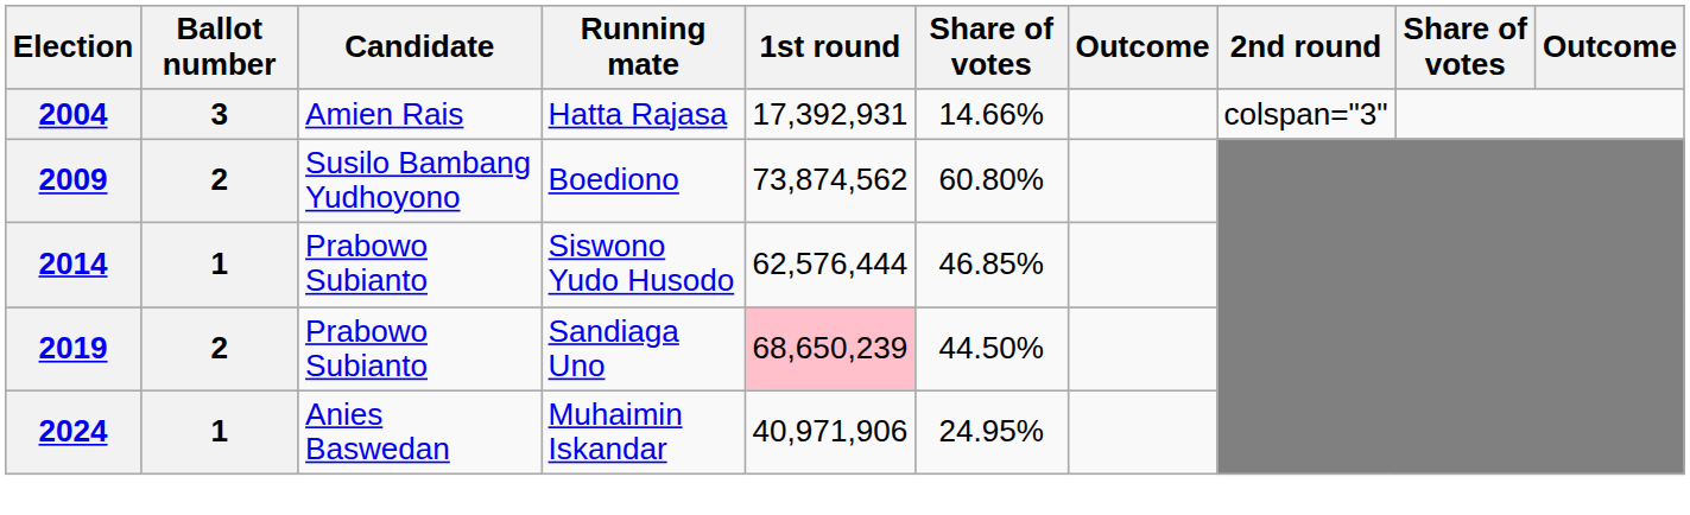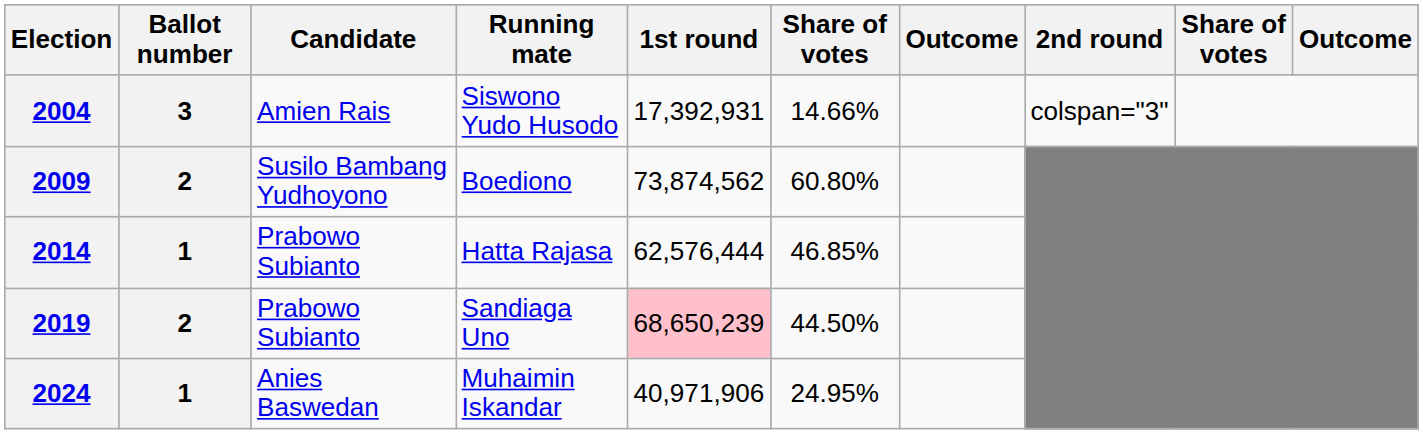 <table class="wikitable">
 <tr>
 <th>Election</th>
 <th>Ballot number</th>
 <th>Candidate</th>
 <th>Running mate</th>
 <th>1st round<br></th>
 <th>Share of votes</th>
 <th>Outcome</th>
 <th>2nd round<br></th>
 <th>Share of votes</th>
 <th>Outcome</th>
 </tr>
 <tr>
 <th><a href='#'>2004</a></th>
 <th>3</th>
 <td><a href='#'>Amien Rais</a></td>
-<td><a href='#'>Hatta Rajasa</a></td>
+<td><a href='#'>Siswono Yudo Husodo</a></td>
 <td>17,392,931</td>
 <td align=center>14.66%</td>
 <td></td>
 <td>colspan="3" </td>
 </tr>
 <tr>
 <th><a href='#'>2009</a></th>
 <th>2</th>
 <td><a href='#'>Susilo Bambang Yudhoyono</a></td>
 <td><a href='#'>Boediono</a></td>
 <td>73,874,562</td>
 <td align=center>60.80%</td>
 <td></td>
 <td rowspan=4 colspan="3" bgcolor="grey"></td>
 </tr>
 <tr>
 <th><a href='#'>2014</a></th>
 <th>1</th>
 <td><a href='#'>Prabowo Subianto</a></td>
-<td><a href='#'>Siswono Yudo Husodo</a></td>
+<td><a href='#'>Hatta Rajasa</a></td>
 <td>62,576,444</td>
 <td align=center>46.85%</td>
 <td></td>
 </tr>
 <tr>
 <th><a href='#'>2019</a></th>
 <th>2</th>
 <td><a href='#'>Prabowo Subianto</a></td>
 <td><a href='#'>Sandiaga Uno</a></td>
 <td style="background: pink;">68,650,239</td>
 <td align=center>44.50%</td>
 <td></td>
 </tr>
 <tr>
 <th><a href='#'>2024</a></th>
 <th>1</th>
 <td><a href='#'>Anies Baswedan</a></td>
 <td><a href='#'>Muhaimin Iskandar</a></td>
 <td>40,971,906</td>
 <td align=center>24.95%</td>
 <td></td>
 </tr>
 </table>
